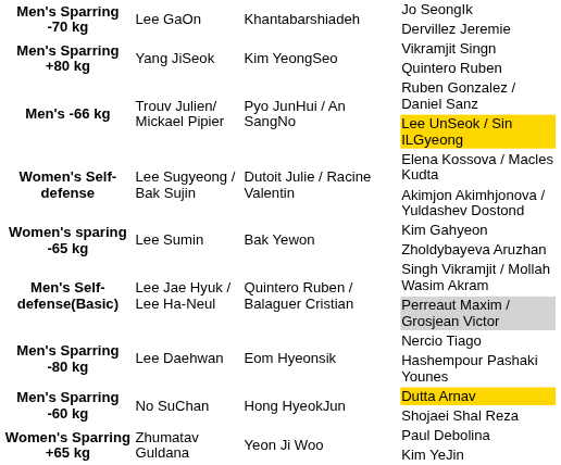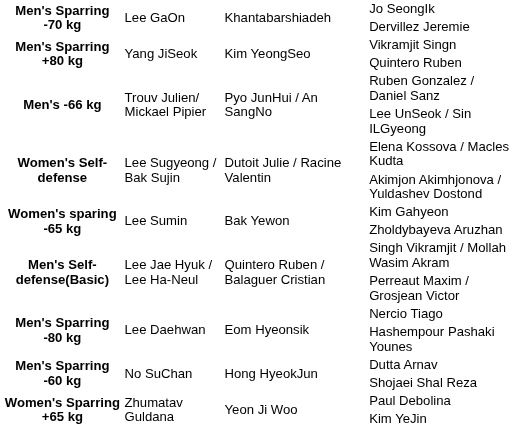 <table>
 <tr>
 <th scope=row rowspan=2>Men's Sparring -70 kg</th>
 <td rowspan=2> Lee GaOn</td>
 <td rowspan=2> Khantabarshiadeh</td>
 <td> Jo SeongIk</td>
 </tr>
 <tr>
 <td> Dervillez Jeremie</td>
 </tr>
 <tr>
 <th scope=row rowspan=2>Men's Sparring +80 kg</th>
 <td rowspan=2> Yang JiSeok</td>
 <td rowspan=2> Kim YeongSeo</td>
 <td> Vikramjit Singn</td>
 </tr>
 <tr>
 <td> Quintero Ruben</td>
 </tr>
 <tr>
 <th scope=row rowspan=2>Men's -66 kg</th>
 <td rowspan=2> Trouv Julien/ Mickael Pipier</td>
 <td rowspan=2> Pyo JunHui / An SangNo</td>
 <td> Ruben Gonzalez / Daniel Sanz</td>
 </tr>
 <tr>
-<td style="background: gold;"> Lee UnSeok / Sin ILGyeong</td>
+<td> Lee UnSeok / Sin ILGyeong</td>
 </tr>
 <tr>
 <th scope=row rowspan=2>Women's Self-defense</th>
 <td rowspan=2> Lee Sugyeong / Bak Sujin</td>
 <td rowspan=2> Dutoit Julie / Racine Valentin</td>
 <td> Elena Kossova / Macles Kudta</td>
 </tr>
 <tr>
 <td> Akimjon Akimhjonova / Yuldashev Dostond</td>
 </tr>
 <tr>
 <th scope=row rowspan=2>Women's sparing -65 kg</th>
 <td rowspan=2> Lee Sumin</td>
 <td rowspan=2> Bak Yewon</td>
 <td> Kim Gahyeon</td>
 </tr>
 <tr>
 <td> Zholdybayeva Aruzhan</td>
 </tr>
 <tr>
 <th scope=row rowspan=2>Men's Self-defense(Basic)</th>
 <td rowspan=2> Lee Jae Hyuk / Lee Ha-Neul</td>
 <td rowspan=2> Quintero Ruben / Balaguer Cristian</td>
 <td> Singh Vikramjit / Mollah Wasim Akram</td>
 </tr>
 <tr>
-<td style="background: lightgrey;"> Perreaut Maxim / Grosjean Victor</td>
+<td> Perreaut Maxim / Grosjean Victor</td>
 </tr>
 <tr>
 <th scope=row rowspan=2>Men's Sparring -80 kg</th>
 <td rowspan=2> Lee Daehwan</td>
 <td rowspan=2> Eom Hyeonsik</td>
 <td> Nercio Tiago</td>
 </tr>
 <tr>
 <td> Hashempour Pashaki Younes</td>
 </tr>
 <tr>
 <th scope=row rowspan=2>Men's Sparring -60 kg</th>
 <td rowspan=2> No SuChan</td>
 <td rowspan=2> Hong HyeokJun</td>
-<td style="background: gold;"> Dutta Arnav</td>
+<td> Dutta Arnav</td>
 </tr>
 <tr>
 <td> Shojaei Shal Reza</td>
 </tr>
 <tr>
 <th scope=row rowspan=2>Women's Sparring +65 kg</th>
 <td rowspan=2> Zhumatav Guldana</td>
 <td rowspan=2> Yeon Ji Woo</td>
 <td> Paul Debolina</td>
 </tr>
 <tr>
 <td> Kim YeJin</td>
 </tr>
 </table>
